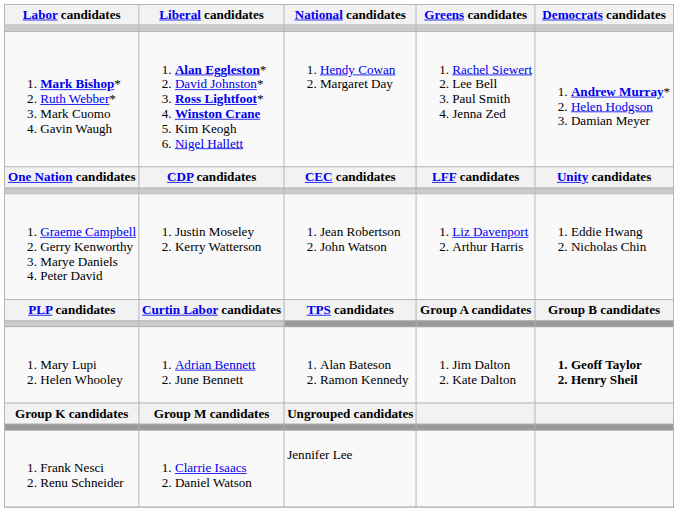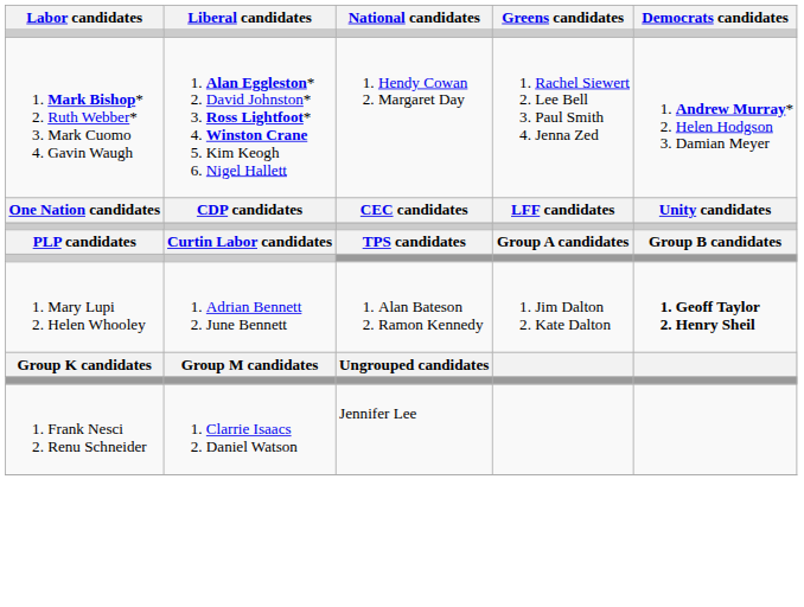 <table class="wikitable">
 <tr>
 <th><a href='#'>Labor</a> candidates</th>
 <th><a href='#'>Liberal</a> candidates</th>
 <th><a href='#'>National</a> candidates</th>
 <th><a href='#'>Greens</a> candidates</th>
 <th><a href='#'>Democrats</a> candidates</th>
 </tr>
 <tr bgcolor="#cccccc">
 <td></td>
 <td></td>
 <td></td>
 <td></td>
 <td></td>
 </tr>
 <tr>
 <td><br><ol><li><strong><a href='#'>Mark Bishop</a></strong>*</li><li><a href='#'>Ruth Webber</a>*</li><li>Mark Cuomo</li><li>Gavin Waugh</li></ol></td>
 <td><br><ol><li><strong><a href='#'>Alan Eggleston</a></strong>*</li><li><a href='#'>David Johnston</a>*</li><li><strong><a href='#'>Ross Lightfoot</a></strong>*</li><li><strong><a href='#'>Winston Crane</a></strong></li><li>Kim Keogh</li><li><a href='#'>Nigel Hallett</a></li></ol></td>
 <td valign=top><br><ol><li><a href='#'>Hendy Cowan</a></li><li>Margaret Day</li></ol></td>
 <td valign=top><br><ol><li><a href='#'>Rachel Siewert</a></li><li>Lee Bell</li><li>Paul Smith</li><li>Jenna Zed</li></ol></td>
 <td><br><ol><li><strong><a href='#'>Andrew Murray</a></strong>*</li><li><a href='#'>Helen Hodgson</a></li><li>Damian Meyer</li></ol></td>
 </tr>
 <tr bgcolor="#cccccc">
 <th><a href='#'>One Nation</a> candidates</th>
 <th><a href='#'>CDP</a> candidates</th>
 <th><a href='#'>CEC</a> candidates</th>
 <th><a href='#'>LFF</a> candidates</th>
 <th><a href='#'>Unity</a> candidates</th>
 </tr>
 <tr bgcolor="#cccccc">
 <td></td>
 <td></td>
 <td></td>
 <td></td>
 <td></td>
-</tr>
-<tr>
-<td valign=top><br><ol><li><a href='#'>Graeme Campbell</a></li><li>Gerry Kenworthy</li><li>Marye Daniels</li><li>Peter David</li></ol></td>
-<td valign=top><br><ol><li>Justin Moseley</li><li>Kerry Watterson</li></ol></td>
-<td valign=top><br><ol><li>Jean Robertson</li><li>John Watson</li></ol></td>
-<td valign=top><br><ol><li><a href='#'>Liz Davenport</a></li><li>Arthur Harris</li></ol></td>
-<td valign=top><br><ol><li>Eddie Hwang</li><li>Nicholas Chin</li></ol></td>
 </tr>
 <tr bgcolor="#cccccc">
 <th><a href='#'>PLP</a> candidates</th>
 <th><a href='#'>Curtin Labor</a> candidates</th>
 <th><a href='#'>TPS</a> candidates</th>
 <th>Group A candidates</th>
 <th>Group B candidates</th>
 </tr>
 <tr bgcolor="#cccccc">
 <td></td>
 <td></td>
 <td bgcolor="#999999"></td>
 <td bgcolor="#999999"></td>
 <td bgcolor="#999999"></td>
 </tr>
 <tr>
 <td valign=top><br><ol><li>Mary Lupi</li><li>Helen Whooley</li></ol></td>
 <td valign=top><br><ol><li><a href='#'>Adrian Bennett</a></li><li>June Bennett</li></ol></td>
 <td valign=top><br><ol><li>Alan Bateson</li><li>Ramon Kennedy</li></ol></td>
 <td valign=top><br><ol><li>Jim Dalton</li><li>Kate Dalton</li></ol></td>
 <td valign=top><strong><br><ol><li>Geoff Taylor</li><li>Henry Sheil</li></ol></strong></td>
 </tr>
 <tr bgcolor="#cccccc">
 <th>Group K candidates</th>
 <th>Group M candidates</th>
 <th>Ungrouped candidates</th>
 <th></th>
 <th></th>
 </tr>
 <tr bgcolor="#cccccc">
 <td bgcolor="#999999"></td>
 <td bgcolor="#999999"></td>
 <td bgcolor="#999999"></td>
 <td bgcolor="#999999"></td>
 <td bgcolor="#999999"></td>
 </tr>
 <tr>
 <td valign=top><br><ol><li>Frank Nesci</li><li>Renu Schneider</li></ol></td>
 <td valign=top><br><ol><li><a href='#'>Clarrie Isaacs</a></li><li>Daniel Watson</li></ol></td>
 <td valign=top><br>Jennifer Lee</td>
 <td valign=top></td>
 <td valign=top></td>
 </tr>
 <tr>
 </tr>
 </table>
